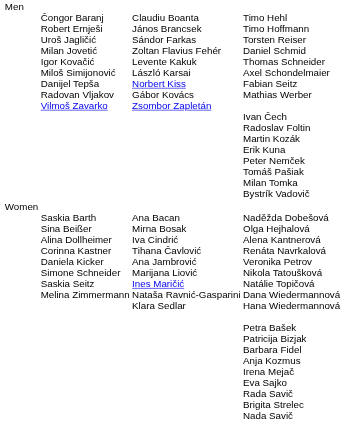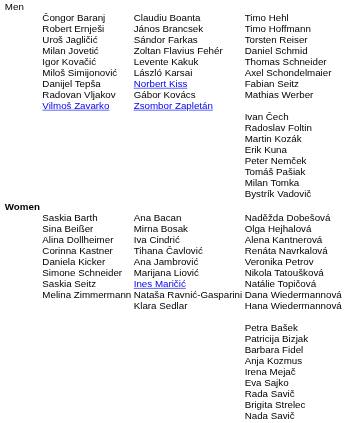 <table>
 <tr valign="top">
 <td>Men<br></td>
 <td><br>Čongor Baranj<br>Robert Ernješi<br>Uroš Jagličić<br>Milan Jovetić<br>Igor Kovačić<br>Miloš Simijonović<br>Danijel Tepša<br>Radovan Vljakov<br><a href='#'>Vilmoš Zavarko</a></td>
 <td><br>Claudiu Boanta<br>János Brancsek<br>Sándor Farkas<br>Zoltan Flavius Fehér<br>Levente Kakuk<br>László Karsai<br><a href='#'>Norbert Kiss</a><br>Gábor Kovács<br><a href='#'>Zsombor Zapletán</a></td>
 <td><br>Timo Hehl<br>Timo Hoffmann<br>Torsten Reiser<br>Daniel Schmid<br>Thomas Schneider<br>Axel Schondelmaier<br>Fabian Seitz<br>Mathias Werber<br><br>Ivan Čech<br>Radoslav Foltin<br>Martin Kozák<br>Erik Kuna<br>Peter Nemček<br>Tomáš Pašiak<br>Milan Tomka<br>Bystrík Vadovič </td>
 </tr>
 <tr valign="top">
-<td>Women<br></td>
+<td><strong>Women<br></strong></td>
 <td><br>Saskia Barth<br>Sina Beißer<br>Alina Dollheimer<br>Corinna Kastner<br>Daniela Kicker<br>Simone Schneider<br>Saskia Seitz<br>Melina Zimmermann</td>
 <td><br>Ana Bacan<br>Mirna Bosak<br>Iva Cindrić<br>Tihana Čavlović<br>Ana Jambrović<br>Marijana Liović<br><a href='#'>Ines Maričić</a><br>Nataša Ravnić-Gasparini<br>Klara Sedlar</td>
 <td><br>Naděžda Dobešová<br>Olga Hejhalová<br>Alena Kantnerová<br>Renáta Navrkalová<br>Veronika Petrov<br>Nikola Tatoušková<br>Natálie Topičová<br>Dana Wiedermannová<br>Hana Wiedermannová<br><br>Petra Bašek<br>Patricija Bizjak<br>Barbara Fidel<br>Anja Kozmus<br>Irena Mejač<br>Eva Sajko<br>Rada Savič<br>Brigita Strelec<br>Nada Savič </td>
 </tr>
 </table>
